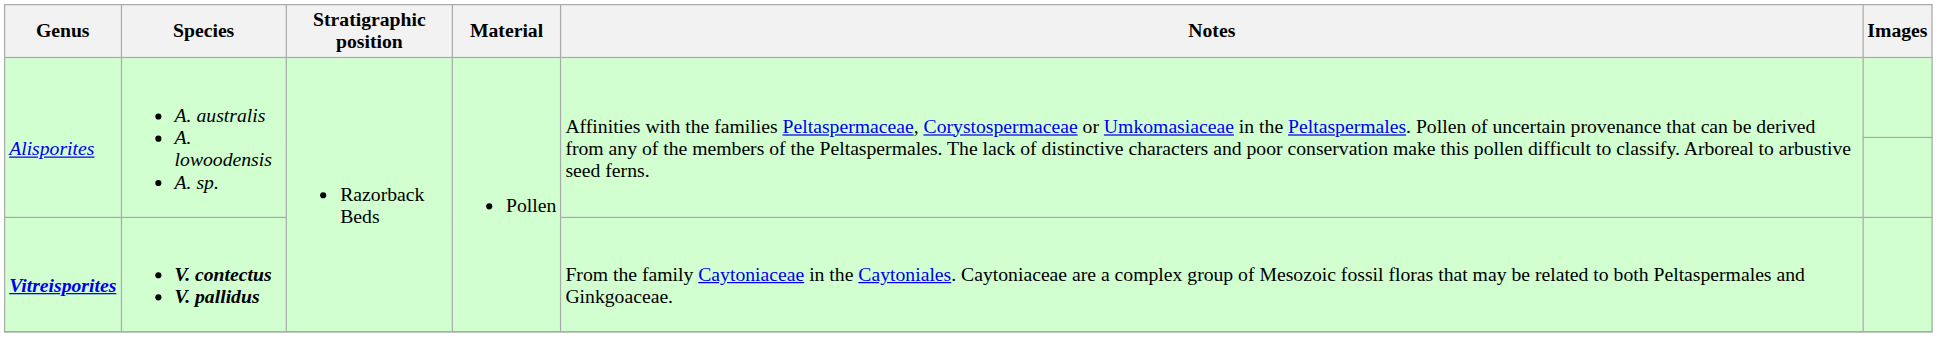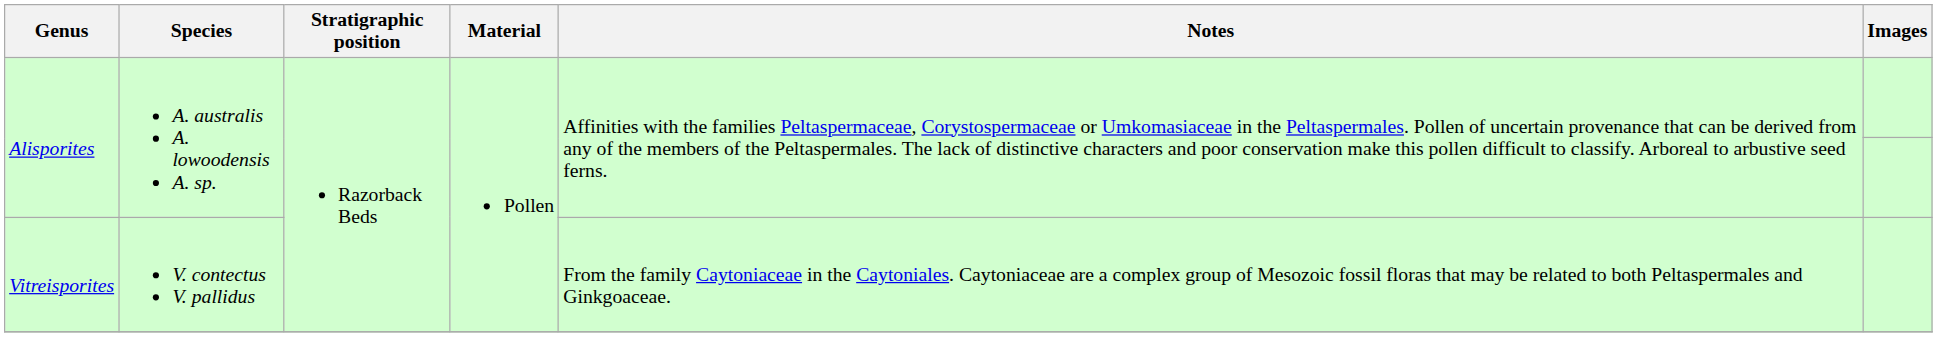 <table class = "wikitable">
 <tr>
 <th>Genus</th>
 <th>Species</th>
 <th>Stratigraphic position</th>
 <th>Material</th>
 <th>Notes</th>
 <th>Images</th>
 </tr>
 <tr>
 <td rowspan="2" style="background:#D1FFCF;"><br><em><a href='#'>Alisporites</a></em></td>
 <td rowspan="2" style="background:#D1FFCF;"><br><ul><li><em>A. australis</em></li><li><em>A. lowoodensis</em></li><li><em>A. sp.</em></li></ul></td>
 <td rowspan="3" style="background:#D1FFCF;"><br><ul><li>Razorback Beds</li></ul></td>
 <td rowspan="3" style="background:#D1FFCF;"><br><ul><li>Pollen</li></ul></td>
 <td rowspan="2" style="background:#D1FFCF;"><br>Affinities with the families <a href='#'>Peltaspermaceae</a>, <a href='#'>Corystospermaceae</a> or <a href='#'>Umkomasiaceae</a> in the <a href='#'>Peltaspermales</a>. Pollen of uncertain provenance that can be derived from any of the members of the Peltaspermales. The lack of distinctive characters and poor conservation make this pollen difficult to classify. Arboreal to arbustive seed ferns.</td>
 <td style="background:#D1FFCF;"></td>
 </tr>
 <tr>
 <td style="background:#D1FFCF;"></td>
 </tr>
 <tr>
-<td style="background:#D1FFCF;"><strong><br><em><a href='#'>Vitreisporites</a></em></strong></td>
-<td style="background:#D1FFCF;"><strong><br><ul><li><em>V. contectus</em></li><li><em>V. pallidus</em></li></ul></strong></td>
+<td style="background:#D1FFCF;"><br><em><a href='#'>Vitreisporites</a></em></td>
+<td style="background:#D1FFCF;"><br><ul><li><em>V. contectus</em></li><li><em>V. pallidus</em></li></ul></td>
 <td style="background:#D1FFCF;"><br>From the family <a href='#'>Caytoniaceae</a> in the <a href='#'>Caytoniales</a>. Caytoniaceae are a complex group of Mesozoic fossil floras that may be related to both Peltaspermales and Ginkgoaceae.</td>
 <td style="background:#D1FFCF;"></td>
 </tr>
 <tr>
 </tr>
 </table>
